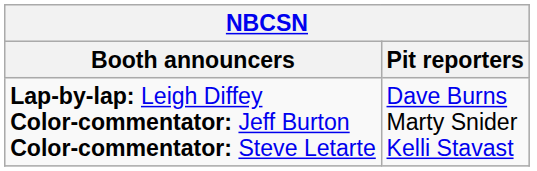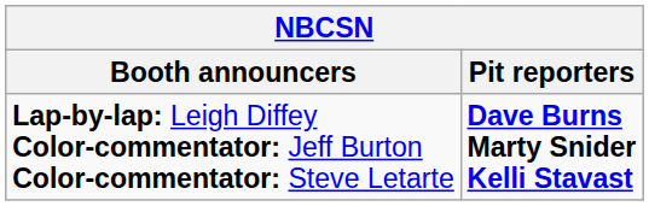 <table class="wikitable" style="font-size: 95%">
 <tr>
 <th colspan="2"><a href='#'>NBCSN</a></th>
 </tr>
 <tr>
 <th>Booth announcers</th>
 <th>Pit reporters</th>
 </tr>
 <tr>
 <td><strong>Lap-by-lap:</strong> <a href='#'>Leigh Diffey</a><br><strong>Color-commentator:</strong> <a href='#'>Jeff Burton</a><br><strong>Color-commentator:</strong> <a href='#'>Steve Letarte</a></td>
-<td><a href='#'>Dave Burns</a><br>Marty Snider<br><a href='#'>Kelli Stavast</a></td>
+<td><strong><a href='#'>Dave Burns</a><br>Marty Snider<br><a href='#'>Kelli Stavast</a></strong></td>
 </tr>
 </table>
